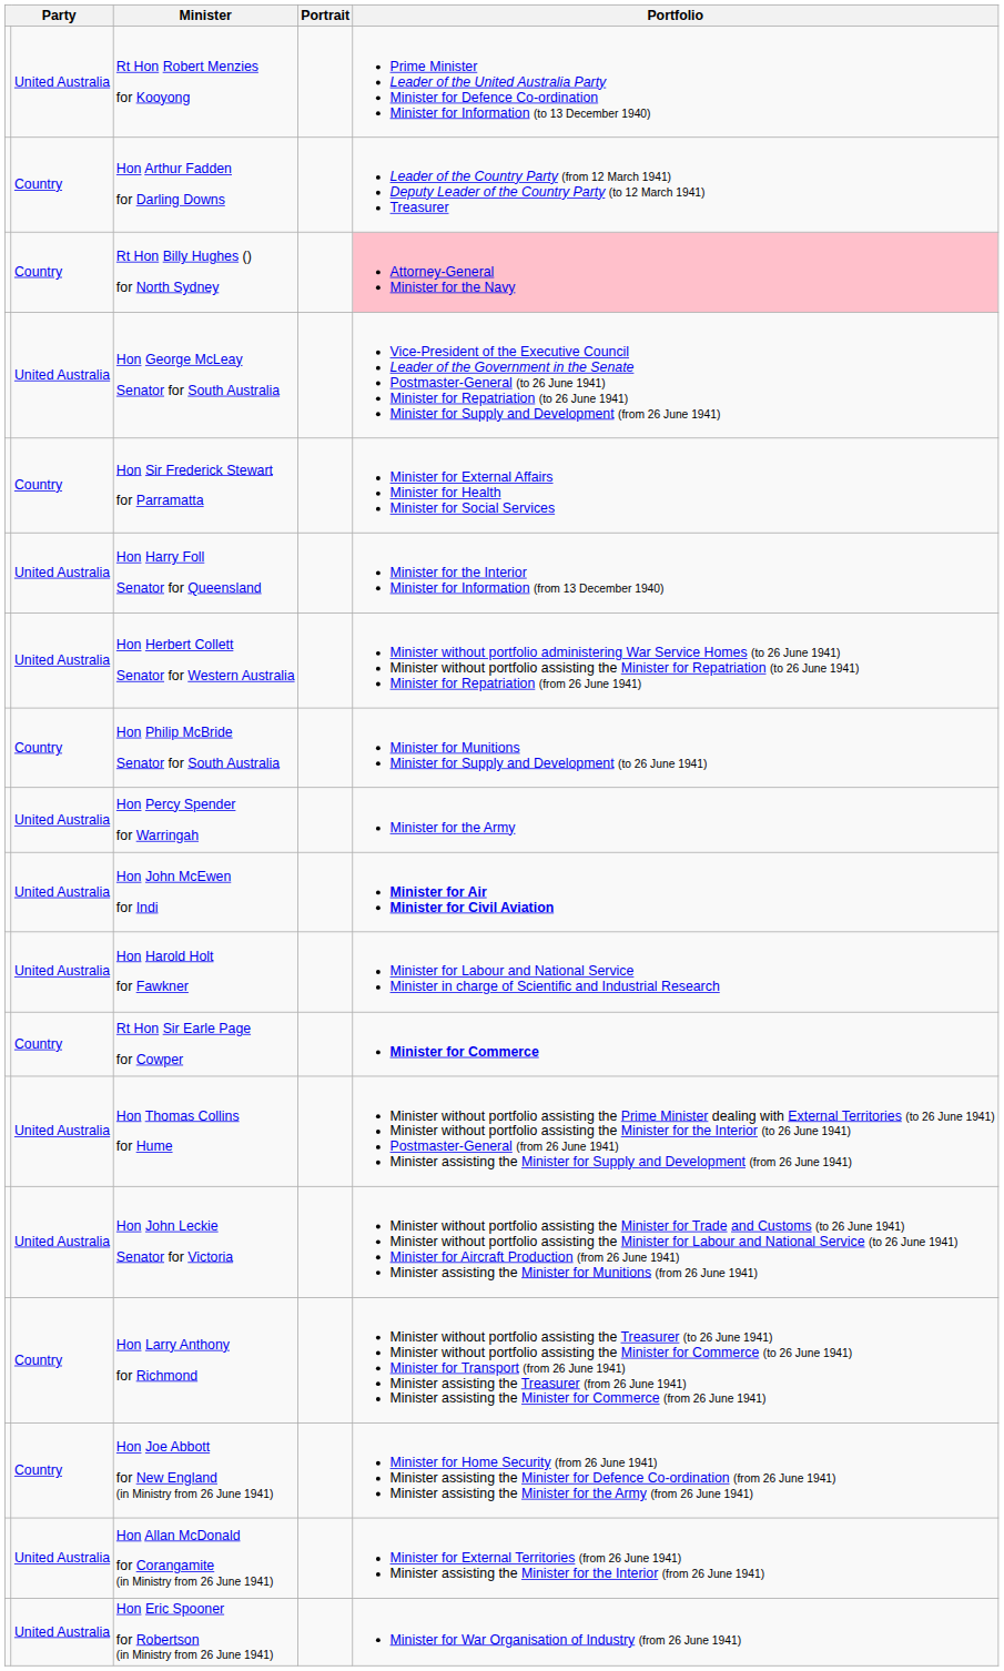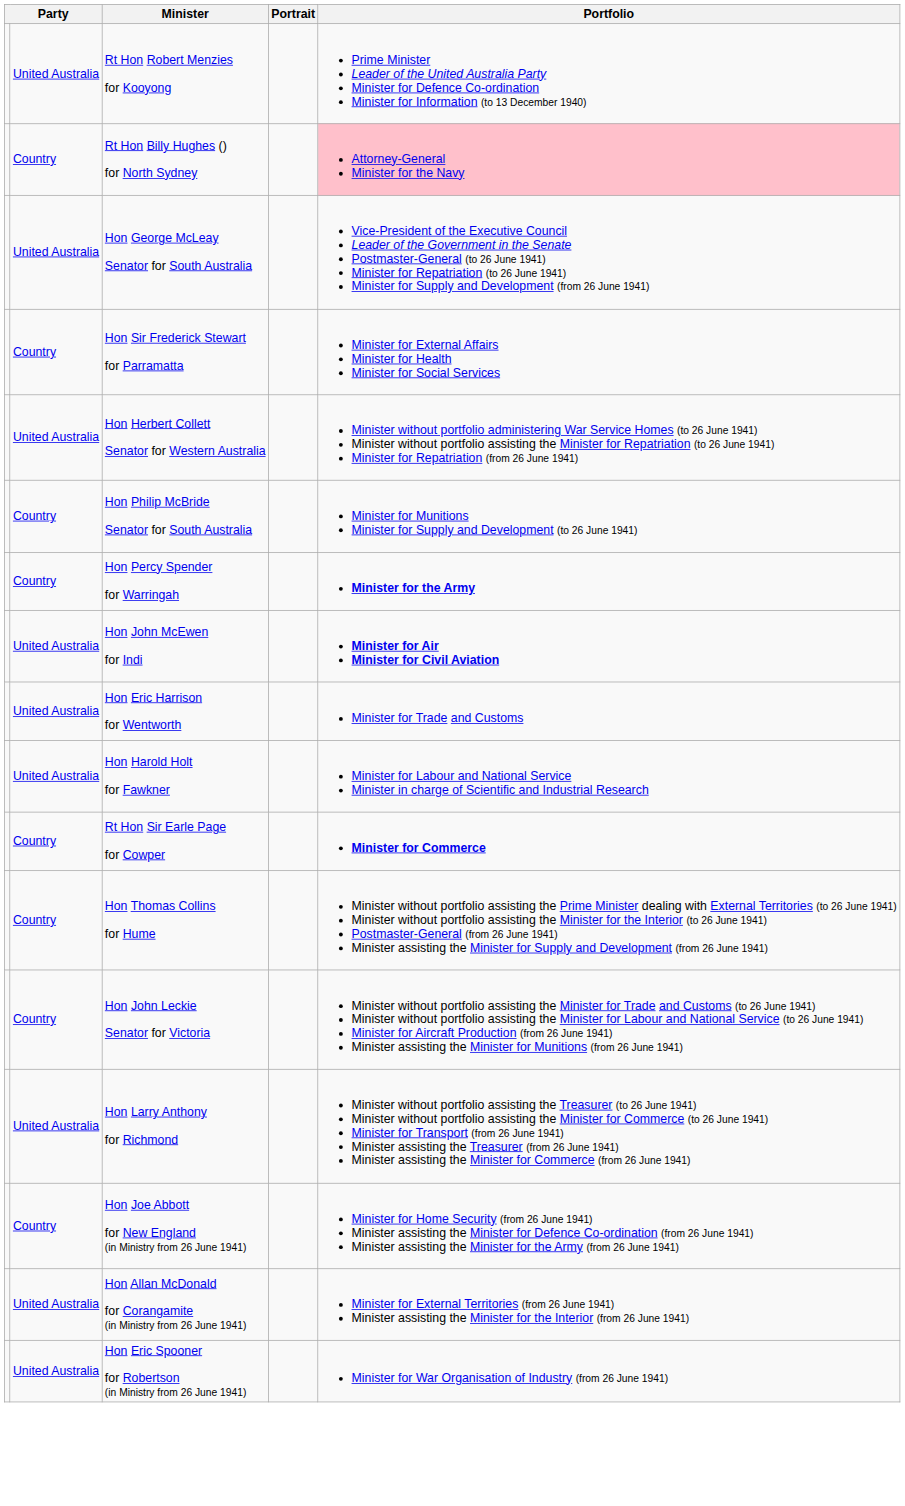 <table class="wikitable sortable">
 <tr>
 <th colspan="2">Party</th>
 <th>Minister</th>
 <th>Portrait</th>
 <th>Portfolio</th>
 </tr>
 <tr>
 <td></td>
 <td><a href='#'>United Australia</a></td>
 <td><a href='#'>Rt Hon</a> <a href='#'>Robert Menzies</a>  <br><br> for <a href='#'>Kooyong</a> <br></td>
 <td></td>
 <td><br><ul><li><a href='#'>Prime Minister</a></li><li><em><a href='#'>Leader of the United Australia Party</a></em></li><li><a href='#'>Minister for Defence Co-ordination</a></li><li><a href='#'>Minister for Information</a> <small>(to 13 December 1940)</small></li></ul></td>
-</tr>
-<tr>
-<td></td>
-<td><a href='#'>Country</a></td>
-<td><a href='#'>Hon</a> <a href='#'>Arthur Fadden</a> <br><br> for <a href='#'>Darling Downs</a> <br></td>
-<td></td>
-<td><br><ul><li><em><a href='#'>Leader of the Country Party</a></em> <small>(from 12 March 1941)</small></li><li><em><a href='#'>Deputy Leader of the Country Party</a></em> <small>(to 12 March 1941)</small></li><li><a href='#'>Treasurer</a></li></ul></td>
 </tr>
 <tr>
 <td></td>
 <td><a href='#'>Country</a></td>
 <td><a href='#'>Rt Hon</a> <a href='#'>Billy Hughes</a> ()  <br><br> for <a href='#'>North Sydney</a> <br></td>
 <td></td>
 <td style="background: pink;"><br><ul><li><a href='#'>Attorney-General</a></li><li><a href='#'>Minister for the Navy</a></li></ul></td>
 </tr>
 <tr>
 <td></td>
 <td><a href='#'>United Australia</a></td>
 <td><a href='#'>Hon</a> <a href='#'>George McLeay</a> <br><br><a href='#'>Senator</a> for <a href='#'>South Australia</a> <br></td>
 <td></td>
 <td><br><ul><li><a href='#'>Vice-President of the Executive Council</a></li><li><em><a href='#'>Leader of the Government in the Senate</a></em></li><li><a href='#'>Postmaster-General</a> <small>(to 26 June 1941)</small></li><li><a href='#'>Minister for Repatriation</a> <small>(to 26 June 1941)</small></li><li><a href='#'>Minister for Supply and Development</a> <small>(from 26 June 1941)</small></li></ul></td>
 </tr>
 <tr>
 <td></td>
 <td><a href='#'>Country</a></td>
 <td><a href='#'>Hon</a> <a href='#'>Sir Frederick Stewart</a> <br><br> for <a href='#'>Parramatta</a> <br></td>
 <td></td>
 <td><br><ul><li><a href='#'>Minister for External Affairs</a></li><li><a href='#'>Minister for Health</a></li><li><a href='#'>Minister for Social Services</a></li></ul></td>
 </tr>
 <tr>
 <td></td>
 <td><a href='#'>United Australia</a></td>
-<td><a href='#'>Hon</a> <a href='#'>Harry Foll</a> <br><br><a href='#'>Senator</a> for <a href='#'>Queensland</a> <br></td>
-<td></td>
-<td><br><ul><li><a href='#'>Minister for the Interior</a></li><li><a href='#'>Minister for Information</a> <small>(from 13 December 1940)</small></li></ul></td>
-</tr>
-<tr>
-<td></td>
-<td><a href='#'>United Australia</a></td>
 <td><a href='#'>Hon</a> <a href='#'>Herbert Collett</a>    <br><br><a href='#'>Senator</a> for <a href='#'>Western Australia</a> <br></td>
 <td></td>
 <td><br><ul><li><a href='#'>Minister without portfolio administering War Service Homes</a> <small>(to 26 June 1941)</small></li><li>Minister without portfolio assisting the <a href='#'>Minister for Repatriation</a> <small>(to 26 June 1941)</small></li><li><a href='#'>Minister for Repatriation</a> <small>(from 26 June 1941)</small></li></ul></td>
 </tr>
 <tr>
 <td></td>
 <td><a href='#'>Country</a></td>
 <td><a href='#'>Hon</a> <a href='#'>Philip McBride</a> <br><br><a href='#'>Senator</a> for <a href='#'>South Australia</a> <br></td>
 <td></td>
 <td><br><ul><li><a href='#'>Minister for Munitions</a></li><li><a href='#'>Minister for Supply and Development</a> <small>(to 26 June 1941)</small></li></ul></td>
 </tr>
 <tr>
 <td></td>
-<td><a href='#'>United Australia</a></td>
+<td><a href='#'>Country</a></td>
 <td><a href='#'>Hon</a> <a href='#'>Percy Spender</a>  <br><br> for <a href='#'>Warringah</a> <br></td>
 <td></td>
-<td><br><ul><li><a href='#'>Minister for the Army</a></li></ul></td>
+<td><strong><br><ul><li><a href='#'>Minister for the Army</a></li></ul></strong></td>
 </tr>
 <tr>
 <td></td>
 <td><a href='#'>United Australia</a></td>
 <td><a href='#'>Hon</a> <a href='#'>John McEwen</a> <br><br> for <a href='#'>Indi</a> <br></td>
 <td></td>
 <td><strong><br><ul><li><a href='#'>Minister for Air</a></li><li><a href='#'>Minister for Civil Aviation</a></li></ul></strong></td>
+</tr>
+<tr>
+<td></td>
+<td><a href='#'>United Australia</a></td>
+<td><a href='#'>Hon</a> <a href='#'>Eric Harrison</a> <br><br> for <a href='#'>Wentworth</a> <br></td>
+<td></td>
+<td><br><ul><li><a href='#'>Minister for Trade</a> <a href='#'>and Customs</a></li></ul></td>
 </tr>
 <tr>
 <td></td>
 <td><a href='#'>United Australia</a></td>
 <td><a href='#'>Hon</a> <a href='#'>Harold Holt</a> <br><br> for <a href='#'>Fawkner</a> <br></td>
 <td></td>
 <td><br><ul><li><a href='#'>Minister for Labour and National Service</a></li><li><a href='#'>Minister in charge of Scientific and Industrial Research</a></li></ul></td>
 </tr>
 <tr>
 <td></td>
 <td><a href='#'>Country</a></td>
 <td><a href='#'>Rt Hon</a> <a href='#'>Sir Earle Page</a>  <br><br> for <a href='#'>Cowper</a> <br></td>
 <td></td>
 <td><strong><br><ul><li><a href='#'>Minister for Commerce</a></li></ul></strong></td>
 </tr>
 <tr>
 <td></td>
-<td><a href='#'>United Australia</a></td>
+<td><a href='#'>Country</a></td>
 <td><a href='#'>Hon</a> <a href='#'>Thomas Collins</a> <br><br> for <a href='#'>Hume</a> <br></td>
 <td></td>
 <td><br><ul><li>Minister without portfolio assisting the <a href='#'>Prime Minister</a> dealing with <a href='#'>External Territories</a> <small>(to 26 June 1941)</small></li><li>Minister without portfolio assisting the <a href='#'>Minister for the Interior</a> <small>(to 26 June 1941)</small></li><li><a href='#'>Postmaster-General</a> <small>(from 26 June 1941)</small></li><li>Minister assisting the <a href='#'>Minister for Supply and Development</a> <small>(from 26 June 1941)</small></li></ul></td>
 </tr>
 <tr>
 <td></td>
-<td><a href='#'>United Australia</a></td>
+<td><a href='#'>Country</a></td>
 <td><a href='#'>Hon</a> <a href='#'>John Leckie</a> <br><br><a href='#'>Senator</a> for <a href='#'>Victoria</a> <br></td>
 <td></td>
 <td><br><ul><li>Minister without portfolio assisting the <a href='#'>Minister for Trade</a> <a href='#'>and Customs</a> <small>(to 26 June 1941)</small></li><li>Minister without portfolio assisting the <a href='#'>Minister for Labour and National Service</a> <small>(to 26 June 1941)</small></li><li><a href='#'>Minister for Aircraft Production</a> <small>(from 26 June 1941)</small></li><li>Minister assisting the <a href='#'>Minister for Munitions</a> <small>(from 26 June 1941)</small></li></ul></td>
 </tr>
 <tr>
 <td></td>
-<td><a href='#'>Country</a></td>
+<td><a href='#'>United Australia</a></td>
 <td><a href='#'>Hon</a> <a href='#'>Larry Anthony</a> <br><br> for <a href='#'>Richmond</a> <br></td>
 <td></td>
 <td><br><ul><li>Minister without portfolio assisting the <a href='#'>Treasurer</a> <small>(to 26 June 1941)</small></li><li>Minister without portfolio assisting the <a href='#'>Minister for Commerce</a> <small>(to 26 June 1941)</small></li><li><a href='#'>Minister for Transport</a> <small>(from 26 June 1941)</small></li><li>Minister assisting the <a href='#'>Treasurer</a> <small>(from 26 June 1941)</small></li><li>Minister assisting the <a href='#'>Minister for Commerce</a> <small>(from 26 June 1941)</small></li></ul></td>
 </tr>
 <tr>
 <td></td>
 <td><a href='#'>Country</a></td>
 <td><a href='#'>Hon</a> <a href='#'>Joe Abbott</a>  <br><br> for <a href='#'>New England</a> <br> <small>(in Ministry from 26 June 1941)</small></td>
 <td></td>
 <td><br><ul><li><a href='#'>Minister for Home Security</a> <small>(from 26 June 1941)</small></li><li>Minister assisting the <a href='#'>Minister for Defence Co-ordination</a> <small>(from 26 June 1941)</small></li><li>Minister assisting the <a href='#'>Minister for the Army</a> <small>(from 26 June 1941)</small></li></ul></td>
 </tr>
 <tr>
 <td></td>
 <td><a href='#'>United Australia</a></td>
 <td><a href='#'>Hon</a> <a href='#'>Allan McDonald</a> <br><br> for <a href='#'>Corangamite</a> <br> <small>(in Ministry from 26 June 1941)</small></td>
 <td></td>
 <td><br><ul><li><a href='#'>Minister for External Territories</a> <small>(from 26 June 1941)</small></li><li>Minister assisting the <a href='#'>Minister for the Interior</a> <small>(from 26 June 1941)</small></li></ul></td>
 </tr>
 <tr>
 <td></td>
 <td><a href='#'>United Australia</a></td>
 <td><a href='#'>Hon</a> <a href='#'>Eric Spooner</a> <br><br> for <a href='#'>Robertson</a> <br> <small>(in Ministry from 26 June 1941)</small></td>
 <td></td>
 <td><br><ul><li><a href='#'>Minister for War Organisation of Industry</a> <small>(from 26 June 1941)</small></li></ul></td>
 </tr>
 </table>
